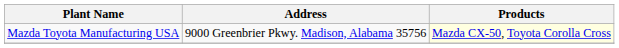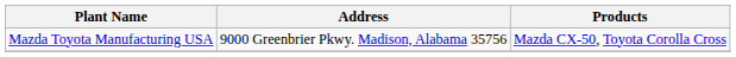 <table class="wikitable">
 <tr>
 <th>Plant Name</th>
 <th>Address</th>
 <th>Products</th>
 </tr>
 <tr --->
 <td><a href='#'>Mazda Toyota Manufacturing USA</a></td>
 <td>9000 Greenbrier Pkwy. <a href='#'>Madison, Alabama</a> 35756</td>
-<td style="background: lightyellow;"><a href='#'>Mazda CX-50</a>, <a href='#'>Toyota Corolla Cross</a></td>
+<td><a href='#'>Mazda CX-50</a>, <a href='#'>Toyota Corolla Cross</a></td>
 </tr>
 <tr --->
 </tr>
 <tr --->
 </tr>
 </table>
